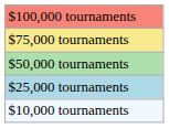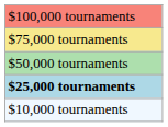 <table class="wikitable" style="font-size:85%;" width=12%>
 <tr style="background:#f88379;">
 <td>$100,000 tournaments</td>
 </tr>
 <tr bgcolor="#F7E98E">
 <td>$75,000 tournaments</td>
 </tr>
 <tr bgcolor="#ADDFAD">
 <td>$50,000 tournaments</td>
 </tr>
 <tr style="background:lightblue;">
-<td>$25,000 tournaments</td>
+<td><strong>$25,000 tournaments</strong></td>
 </tr>
 <tr style="background:#f0f8ff;">
 <td>$10,000 tournaments</td>
 </tr>
 </table>
